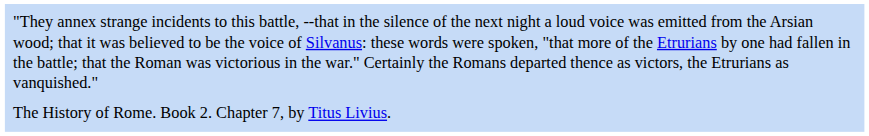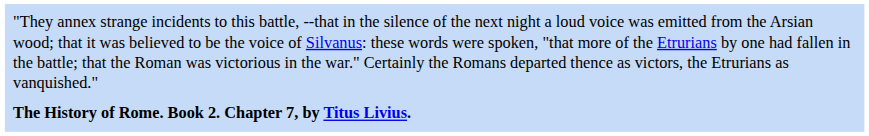 <table class="toccolours" style="float: right; margin-left: 1em; margin-right: 2em; font-size: 75%; background:#c6dbf7; color:black; width:55em; max-width: 50%;" cellspacing="5">
 <tr>
 <td style="text-align: left;">"They annex strange incidents to this battle, --that in the silence of the next night a loud voice was emitted from the Arsian wood; that it was believed to be the voice of <a href='#'>Silvanus</a>: these words were spoken, "that more of the <a href='#'>Etrurians</a> by one had fallen in the battle; that the Roman was victorious in the war." Certainly the Romans departed thence as victors, the Etrurians as vanquished."</td>
 </tr>
 <tr>
-<td style="text-align: left;">The History of Rome. Book 2. Chapter 7, by <a href='#'>Titus Livius</a>.</td>
+<td style="text-align: left;"><strong>The History of Rome. Book 2. Chapter 7, by <a href='#'>Titus Livius</a>.</strong></td>
 </tr>
 </table>
